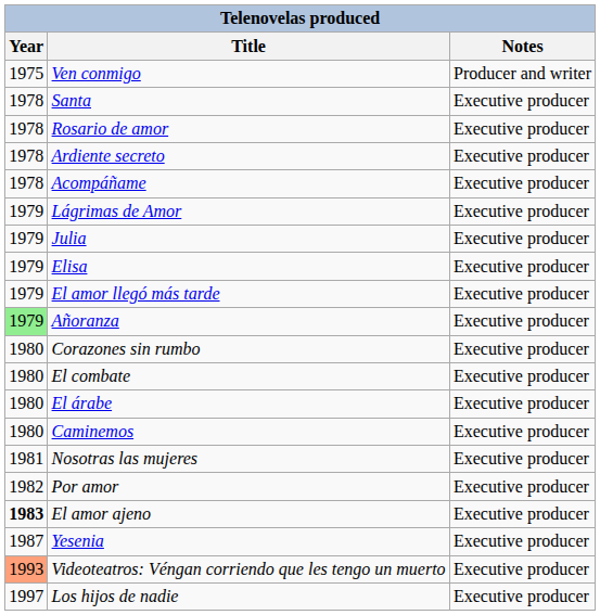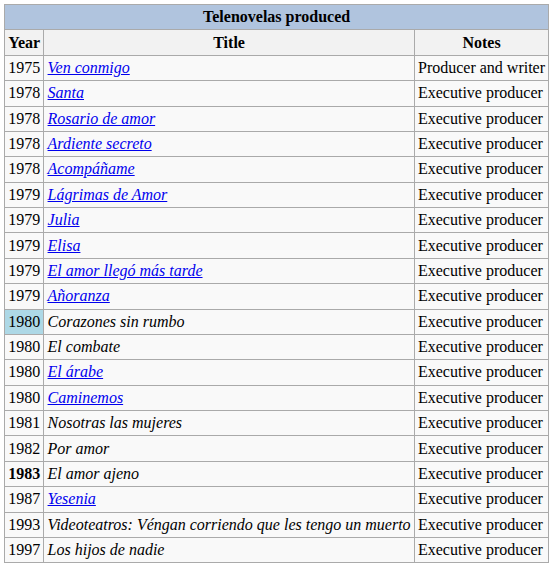 <table class="wikitable">
 <tr>
 <th colspan="5" style="background:LightSteelBlue;">Telenovelas produced</th>
 </tr>
 <tr>
 <th>Year</th>
 <th>Title</th>
 <th>Notes</th>
 </tr>
 <tr>
 <td>1975</td>
 <td><em><a href='#'>Ven conmigo</a></em></td>
 <td>Producer and writer</td>
 </tr>
 <tr>
 <td>1978</td>
 <td><em><a href='#'>Santa</a></em></td>
 <td>Executive producer</td>
 </tr>
 <tr>
 <td>1978</td>
 <td><em><a href='#'>Rosario de amor</a></em></td>
 <td>Executive producer</td>
 </tr>
 <tr>
 <td>1978</td>
 <td><em><a href='#'>Ardiente secreto</a></em></td>
 <td>Executive producer</td>
 </tr>
 <tr>
 <td>1978</td>
 <td><em><a href='#'>Acompáñame</a></em></td>
 <td>Executive producer</td>
 </tr>
 <tr>
 <td>1979</td>
 <td><em><a href='#'>Lágrimas de Amor</a></em></td>
 <td>Executive producer</td>
 </tr>
 <tr>
 <td>1979</td>
 <td><em><a href='#'>Julia</a></em></td>
 <td>Executive producer</td>
 </tr>
 <tr>
 <td>1979</td>
 <td><em><a href='#'>Elisa</a></em></td>
 <td>Executive producer</td>
 </tr>
 <tr>
 <td>1979</td>
 <td><em><a href='#'>El amor llegó más tarde</a></em></td>
 <td>Executive producer</td>
 </tr>
 <tr>
-<td style="background: lightgreen;">1979</td>
+<td>1979</td>
 <td><em><a href='#'>Añoranza</a></em></td>
 <td>Executive producer</td>
 </tr>
 <tr>
-<td>1980</td>
+<td style="background: lightblue;">1980</td>
 <td><em>Corazones sin rumbo</em></td>
 <td>Executive producer</td>
 </tr>
 <tr>
 <td>1980</td>
 <td><em>El combate</em></td>
 <td>Executive producer</td>
 </tr>
 <tr>
 <td>1980</td>
 <td><em><a href='#'>El árabe</a></em></td>
 <td>Executive producer</td>
 </tr>
 <tr>
 <td>1980</td>
 <td><em><a href='#'>Caminemos</a></em></td>
 <td>Executive producer</td>
 </tr>
 <tr>
 <td>1981</td>
 <td><em>Nosotras las mujeres</em></td>
 <td>Executive producer</td>
 </tr>
 <tr>
 <td>1982</td>
 <td><em>Por amor</em></td>
 <td>Executive producer</td>
 </tr>
 <tr>
 <td><strong>1983</strong></td>
 <td><em>El amor ajeno</em></td>
 <td>Executive producer</td>
 </tr>
 <tr>
 <td>1987</td>
 <td><em><a href='#'>Yesenia</a></em></td>
 <td>Executive producer</td>
 </tr>
 <tr>
-<td style="background: lightsalmon;">1993</td>
+<td>1993</td>
 <td><em>Videoteatros: Véngan corriendo que les tengo un muerto</em></td>
 <td>Executive producer</td>
 </tr>
 <tr>
 <td>1997</td>
 <td><em>Los hijos de nadie</em></td>
 <td>Executive producer</td>
 </tr>
 <tr>
 </tr>
 </table>
